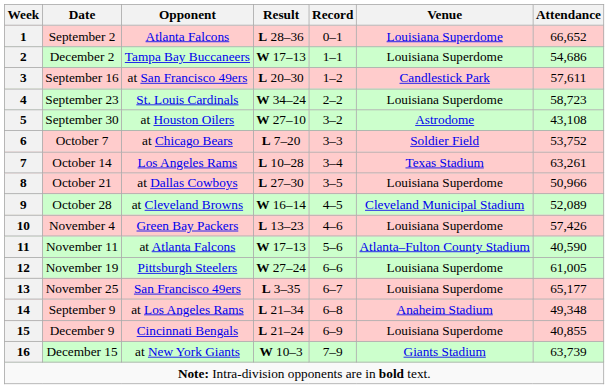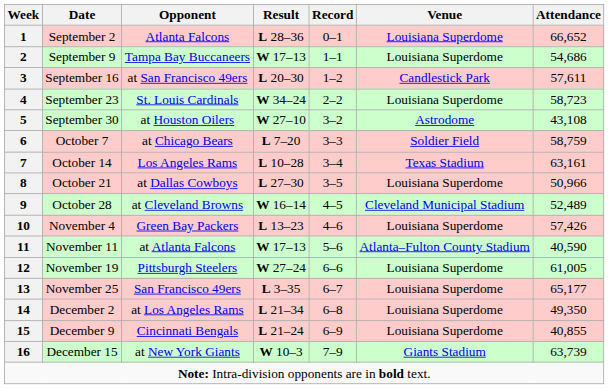 <table class="wikitable"  style="text-align: center;">
 <tr>
 <th>Week</th>
 <th>Date</th>
 <th>Opponent</th>
 <th>Result</th>
 <th>Record</th>
 <th>Venue</th>
 <th>Attendance</th>
 </tr>
 <tr style="background:#fcc">
 <th>1</th>
 <td>September 2</td>
 <td><a href='#'>Atlanta Falcons</a></td>
 <td><strong>L</strong> 28–36</td>
 <td>0–1</td>
 <td><a href='#'>Louisiana Superdome</a></td>
 <td>66,652</td>
 </tr>
 <tr style="background:#cfc">
 <th>2</th>
-<td>December 2</td>
+<td>September 9</td>
 <td><a href='#'>Tampa Bay Buccaneers</a></td>
 <td><strong>W</strong> 17–13</td>
 <td>1–1</td>
 <td>Louisiana Superdome</td>
 <td>54,686</td>
 </tr>
 <tr style="background:#fcc">
 <th>3</th>
 <td>September 16</td>
 <td>at <a href='#'>San Francisco 49ers</a></td>
 <td><strong>L</strong> 20–30</td>
 <td>1–2</td>
 <td><a href='#'>Candlestick Park</a></td>
 <td>57,611</td>
 </tr>
 <tr style="background:#cfc">
 <th>4</th>
 <td>September 23</td>
 <td><a href='#'>St. Louis Cardinals</a></td>
 <td><strong>W</strong> 34–24</td>
 <td>2–2</td>
 <td>Louisiana Superdome</td>
 <td>58,723</td>
 </tr>
 <tr style="background:#cfc">
 <th>5</th>
 <td>September 30</td>
 <td>at <a href='#'>Houston Oilers</a></td>
 <td><strong>W</strong> 27–10</td>
 <td>3–2</td>
 <td><a href='#'>Astrodome</a></td>
 <td>43,108</td>
 </tr>
 <tr style="background:#fcc">
 <th>6</th>
 <td>October 7</td>
 <td>at <a href='#'>Chicago Bears</a></td>
 <td><strong>L</strong> 7–20</td>
 <td>3–3</td>
 <td><a href='#'>Soldier Field</a></td>
-<td>53,752</td>
+<td>58,759</td>
 </tr>
 <tr style="background:#fcc">
 <th>7</th>
 <td>October 14</td>
 <td><a href='#'>Los Angeles Rams</a></td>
 <td><strong>L</strong> 10–28</td>
 <td>3–4</td>
 <td><a href='#'>Texas Stadium</a></td>
-<td>63,261</td>
+<td>63,161</td>
 </tr>
 <tr style="background:#fcc">
 <th>8</th>
 <td>October 21</td>
 <td>at <a href='#'>Dallas Cowboys</a></td>
 <td><strong>L</strong> 27–30 </td>
 <td>3–5</td>
 <td>Louisiana Superdome</td>
 <td>50,966</td>
 </tr>
 <tr style="background:#cfc">
 <th>9</th>
 <td>October 28</td>
 <td>at <a href='#'>Cleveland Browns</a></td>
 <td><strong>W</strong> 16–14</td>
 <td>4–5</td>
 <td><a href='#'>Cleveland Municipal Stadium</a></td>
-<td>52,089</td>
+<td>52,489</td>
 </tr>
 <tr style="background:#fcc">
 <th>10</th>
 <td>November 4</td>
 <td><a href='#'>Green Bay Packers</a></td>
 <td><strong>L</strong> 13–23</td>
 <td>4–6</td>
 <td>Louisiana Superdome</td>
 <td>57,426</td>
 </tr>
 <tr style="background:#cfc">
 <th>11</th>
 <td>November 11</td>
 <td>at <a href='#'>Atlanta Falcons</a></td>
 <td><strong>W</strong> 17–13</td>
 <td>5–6</td>
 <td><a href='#'>Atlanta–Fulton County Stadium</a></td>
 <td>40,590</td>
 </tr>
 <tr style="background:#cfc">
 <th>12</th>
 <td>November 19</td>
 <td><a href='#'>Pittsburgh Steelers</a></td>
 <td><strong>W</strong> 27–24</td>
 <td>6–6</td>
 <td>Louisiana Superdome</td>
 <td>61,005</td>
 </tr>
 <tr style="background:#fcc">
 <th>13</th>
 <td>November 25</td>
 <td><a href='#'>San Francisco 49ers</a></td>
 <td><strong>L</strong> 3–35</td>
 <td>6–7</td>
 <td>Louisiana Superdome</td>
 <td>65,177</td>
 </tr>
 <tr style="background:#fcc">
 <th>14</th>
-<td>September 9</td>
+<td>December 2</td>
 <td>at <a href='#'>Los Angeles Rams</a></td>
 <td><strong>L</strong> 21–34</td>
 <td>6–8</td>
-<td><a href='#'>Anaheim Stadium</a></td>
-<td>49,348</td>
+<td>Louisiana Superdome</td>
+<td>49,350</td>
 </tr>
 <tr style="background:#fcc">
 <th>15</th>
 <td>December 9</td>
 <td><a href='#'>Cincinnati Bengals</a></td>
 <td><strong>L</strong> 21–24</td>
 <td>6–9</td>
 <td>Louisiana Superdome</td>
 <td>40,855</td>
 </tr>
 <tr style="background:#cfc">
 <th>16</th>
 <td>December 15</td>
 <td>at <a href='#'>New York Giants</a></td>
 <td><strong>W</strong> 10–3</td>
 <td>7–9</td>
 <td><a href='#'>Giants Stadium</a></td>
 <td>63,739</td>
 </tr>
 <tr>
 <td colspan="7"><strong>Note:</strong> Intra-division opponents are in <strong>bold</strong> text.</td>
 </tr>
 </table>
